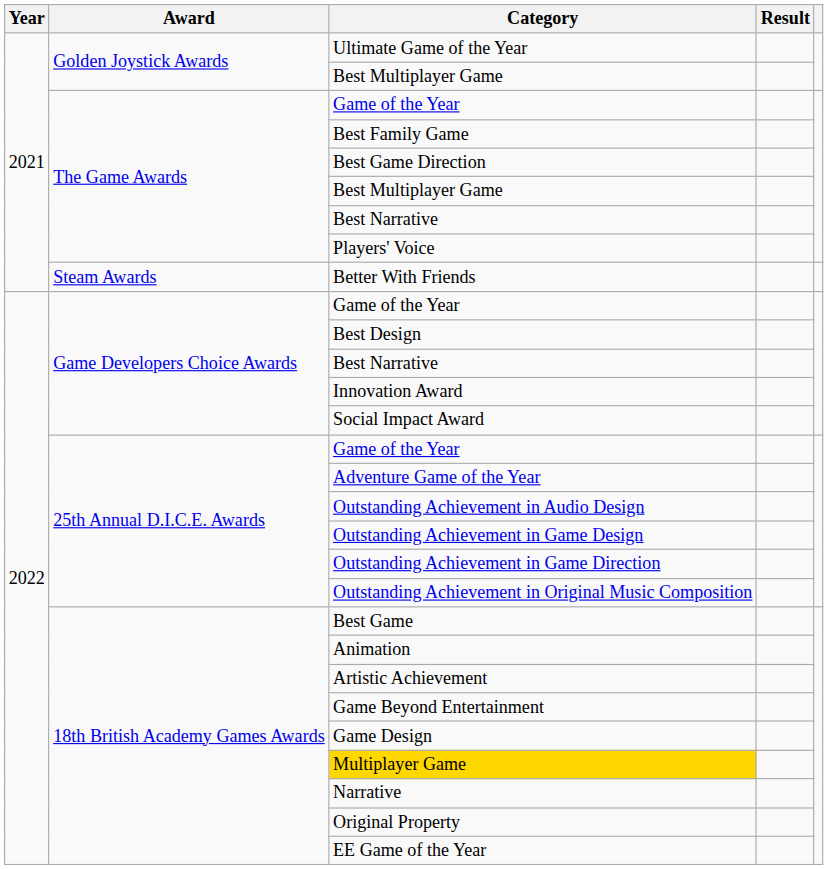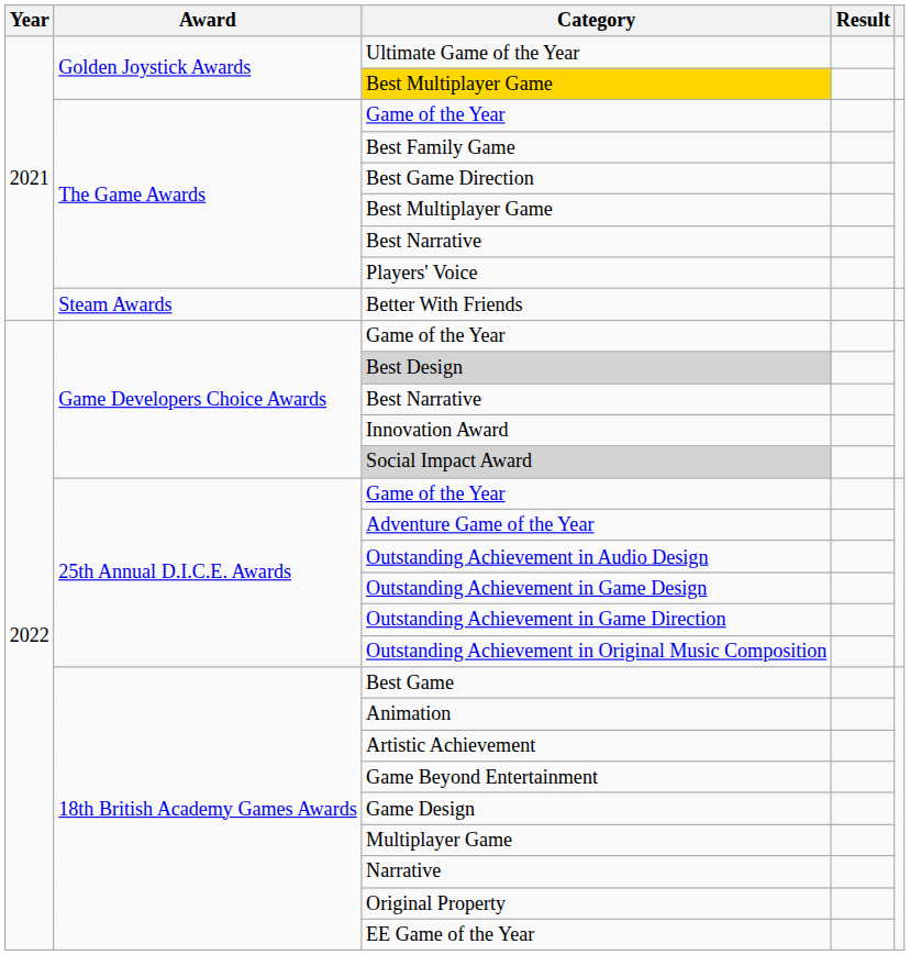 <table class="wikitable sortable plainrowheaders">
 <tr>
 <th scope="col">Year</th>
 <th scope="col">Award</th>
 <th scope="col">Category</th>
 <th scope="col">Result</th>
 <th scope="col" class="unsortable"></th>
 </tr>
 <tr>
 <td rowspan="9">2021</td>
 <td rowspan="2"><a href='#'>Golden Joystick Awards</a></td>
 <td>Ultimate Game of the Year</td>
 <td></td>
 <td style="text-align:center;" rowspan="2"></td>
 </tr>
 <tr>
-<td>Best Multiplayer Game</td>
+<td style="background: gold;">Best Multiplayer Game</td>
 <td></td>
 </tr>
 <tr>
 <td rowspan="6"><a href='#'>The Game Awards</a></td>
 <td><a href='#'>Game of the Year</a></td>
 <td></td>
 <td style="text-align:center;" rowspan="6"></td>
 </tr>
 <tr>
 <td>Best Family Game</td>
 <td></td>
 </tr>
 <tr>
 <td>Best Game Direction</td>
 <td></td>
 </tr>
 <tr>
 <td>Best Multiplayer Game</td>
 <td></td>
 </tr>
 <tr>
 <td>Best Narrative</td>
 <td></td>
 </tr>
 <tr>
 <td>Players' Voice</td>
 <td></td>
 </tr>
 <tr>
 <td><a href='#'>Steam Awards</a></td>
 <td>Better With Friends</td>
 <td></td>
 <td style="text-align:center;"></td>
 </tr>
 <tr>
 <td rowspan="20">2022</td>
 <td rowspan="5"><a href='#'>Game Developers Choice Awards</a></td>
 <td>Game of the Year</td>
 <td></td>
 <td rowspan="5" style="text-align:center;"></td>
 </tr>
 <tr>
-<td>Best Design</td>
+<td style="background: lightgrey;">Best Design</td>
 <td></td>
 </tr>
 <tr>
 <td>Best Narrative</td>
 <td></td>
 </tr>
 <tr>
 <td>Innovation Award</td>
 <td></td>
 </tr>
 <tr>
-<td>Social Impact Award</td>
+<td style="background: lightgrey;">Social Impact Award</td>
 <td></td>
 </tr>
 <tr>
 <td rowspan="6"><a href='#'>25th Annual D.I.C.E. Awards</a></td>
 <td><a href='#'>Game of the Year</a></td>
 <td></td>
 <td rowspan="6" style="text-align:center;"></td>
 </tr>
 <tr>
 <td><a href='#'>Adventure Game of the Year</a></td>
 <td></td>
 </tr>
 <tr>
 <td><a href='#'>Outstanding Achievement in Audio Design</a></td>
 <td></td>
 </tr>
 <tr>
 <td><a href='#'>Outstanding Achievement in Game Design</a></td>
 <td></td>
 </tr>
 <tr>
 <td><a href='#'>Outstanding Achievement in Game Direction</a></td>
 <td></td>
 </tr>
 <tr>
 <td><a href='#'>Outstanding Achievement in Original Music Composition</a></td>
 <td></td>
 </tr>
 <tr>
 <td rowspan="9"><a href='#'>18th British Academy Games Awards</a></td>
 <td>Best Game</td>
 <td></td>
 <td rowspan="9" style="text-align:center;"></td>
 </tr>
 <tr>
 <td>Animation</td>
 <td></td>
 </tr>
 <tr>
 <td>Artistic Achievement</td>
 <td></td>
 </tr>
 <tr>
 <td>Game Beyond Entertainment</td>
 <td></td>
 </tr>
 <tr>
 <td>Game Design</td>
 <td></td>
 </tr>
 <tr>
-<td style="background: gold;">Multiplayer Game</td>
+<td>Multiplayer Game</td>
 <td></td>
 </tr>
 <tr>
 <td>Narrative</td>
 <td></td>
 </tr>
 <tr>
 <td>Original Property</td>
 <td></td>
 </tr>
 <tr>
 <td>EE Game of the Year</td>
 <td></td>
 </tr>
 </table>
